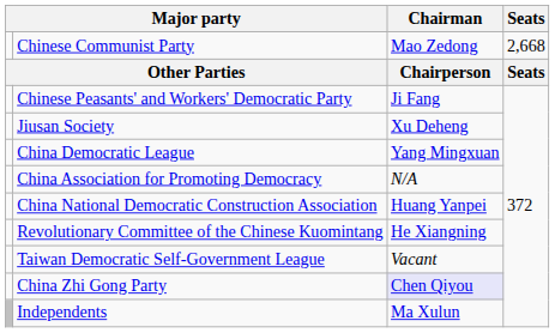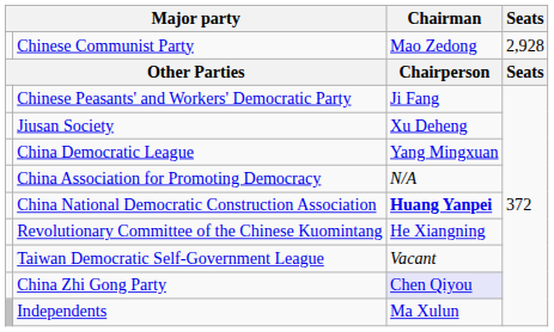 <table class="wikitable">
 <tr>
 <th colspan="2">Major party</th>
 <th>Chairman</th>
 <th>Seats</th>
 </tr>
 <tr>
 <td style="background: "></td>
 <td><a href='#'>Chinese Communist Party</a></td>
 <td><a href='#'>Mao Zedong</a></td>
-<td>2,668</td>
+<td>2,928</td>
 </tr>
 <tr>
 <th colspan="2">Other Parties</th>
 <th>Chairperson</th>
 <th>Seats</th>
 </tr>
 <tr>
 <td style="background: "></td>
 <td><a href='#'>Chinese Peasants' and Workers' Democratic Party</a></td>
 <td><a href='#'>Ji Fang</a></td>
 <td rowspan="9">372</td>
 </tr>
 <tr>
 <td style="background: "></td>
 <td><a href='#'>Jiusan Society</a></td>
 <td><a href='#'>Xu Deheng</a></td>
 </tr>
 <tr>
 <td style="background: "></td>
 <td><a href='#'>China Democratic League</a></td>
 <td><a href='#'>Yang Mingxuan</a></td>
 </tr>
 <tr>
 <td style="background: "></td>
 <td><a href='#'>China Association for Promoting Democracy</a></td>
 <td><em>N/A</em></td>
 </tr>
 <tr>
 <td style="background: "></td>
 <td><a href='#'>China National Democratic Construction Association</a></td>
-<td><a href='#'>Huang Yanpei</a></td>
+<td><strong><a href='#'>Huang Yanpei</a></strong></td>
 </tr>
 <tr>
 <td style="background: "></td>
 <td><a href='#'>Revolutionary Committee of the Chinese Kuomintang</a></td>
 <td><a href='#'>He Xiangning</a></td>
 </tr>
 <tr>
 <td style="background: "></td>
 <td><a href='#'>Taiwan Democratic Self-Government League</a></td>
 <td><em>Vacant</em></td>
 </tr>
 <tr>
 <td style="background: "></td>
 <td><a href='#'>China Zhi Gong Party</a></td>
 <td style="background: lavender;"><a href='#'>Chen Qiyou</a></td>
 </tr>
 <tr>
 <td style="background: #C0C0C0"></td>
 <td><a href='#'>Independents</a></td>
 <td><a href='#'>Ma Xulun</a></td>
 </tr>
 </table>
